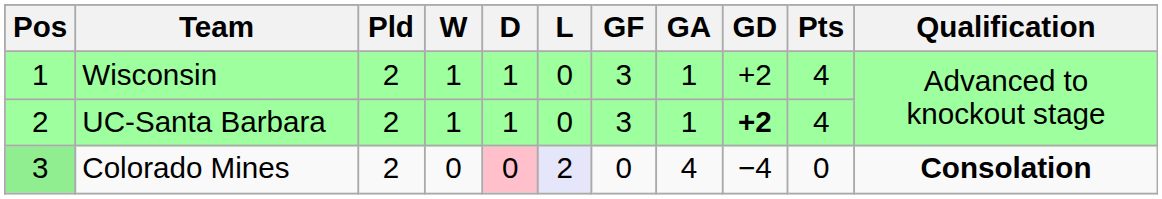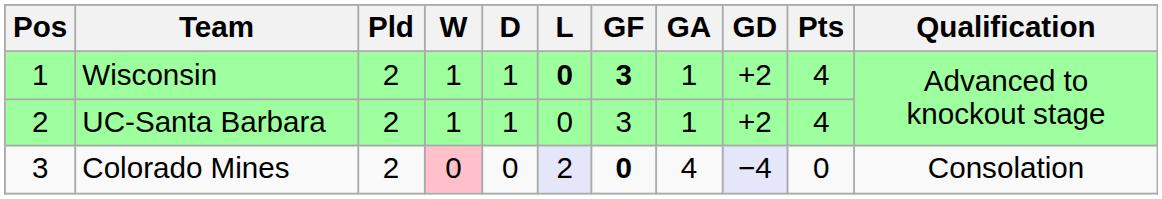 <table class="wikitable" style="text-align:center; margin: 1em auto">
 <tr>
 <th style=width:2em>Pos</th>
 <th style=width:13em>Team</th>
 <th style=width:2em>Pld</th>
 <th style=width:2em>W</th>
 <th style=width:2em>D</th>
 <th style=width:2em>L</th>
 <th style=width:2em>GF</th>
 <th style=width:2em>GA</th>
 <th style=width:2em>GD</th>
 <th style=width:2em>Pts</th>
 <th style=width:13em>Qualification</th>
 </tr>
 <tr bgcolor="#9eff9e">
 <td>1</td>
 <td style="text-align:left">Wisconsin</td>
 <td>2</td>
 <td>1</td>
 <td>1</td>
-<td>0</td>
-<td>3</td>
+<td><strong>0</strong></td>
+<td><strong>3</strong></td>
 <td>1</td>
 <td>+2</td>
 <td>4</td>
 <td rowspan="2">Advanced to knockout stage</td>
 </tr>
 <tr bgcolor="#9eff9e">
 <td>2</td>
 <td style="text-align:left">UC-Santa Barbara</td>
 <td>2</td>
 <td>1</td>
 <td>1</td>
 <td>0</td>
 <td>3</td>
 <td>1</td>
-<td><strong>+2</strong></td>
+<td>+2</td>
 <td>4</td>
 </tr>
 <tr>
-<td style="background: lightgreen;">3</td>
+<td>3</td>
 <td style="text-align:left">Colorado Mines</td>
 <td>2</td>
+<td style="background: pink;">0</td>
 <td>0</td>
-<td style="background: pink;">0</td>
 <td style="background: lavender;">2</td>
+<td><strong>0</strong></td>
+<td>4</td>
+<td style="background: lavender;">−4</td>
 <td>0</td>
-<td>4</td>
-<td>−4</td>
-<td>0</td>
-<td><strong>Consolation</strong></td>
+<td>Consolation</td>
 </tr>
 </table>
